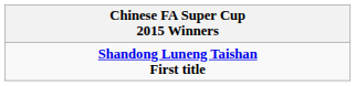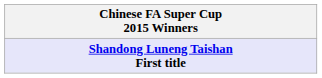 <table class="wikitable" style="text-align: center; margin: 0 auto; width: 20%">
 <tr>
 <th>Chinese FA Super Cup<br>2015 Winners</th>
 </tr>
 <tr>
-<td><strong><a href='#'>Shandong Luneng Taishan</a></strong><br><strong>First title</strong></td>
+<td style="background: lavender;"><strong><a href='#'>Shandong Luneng Taishan</a></strong><br><strong>First title</strong></td>
 </tr>
 </table>
